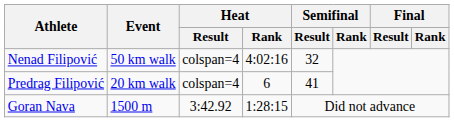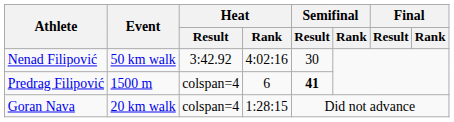 <table class=wikitable style="font-size:90%">
 <tr>
 <th rowspan="2">Athlete</th>
 <th rowspan="2">Event</th>
 <th colspan="2">Heat</th>
 <th colspan="2">Semifinal</th>
 <th colspan="2">Final</th>
 </tr>
 <tr style="font-size:95%">
 <th>Result</th>
 <th>Rank</th>
 <th>Result</th>
 <th>Rank</th>
 <th>Result</th>
 <th>Rank</th>
 </tr>
 <tr align=center>
 <td align=left><a href='#'>Nenad Filipović</a></td>
 <td align=left><a href='#'>50 km walk</a></td>
-<td>colspan=4 </td>
+<td>3:42.92</td>
 <td>4:02:16</td>
-<td>32</td>
+<td>30</td>
 </tr>
 <tr align=center>
 <td align=left><a href='#'>Predrag Filipović</a></td>
-<td align=left><a href='#'>20 km walk</a></td>
+<td align=left><a href='#'>1500 m</a></td>
 <td>colspan=4 </td>
 <td>6</td>
-<td>41</td>
+<td><strong>41</strong></td>
 </tr>
 <tr align=center>
 <td align=left><a href='#'>Goran Nava</a></td>
-<td align=left><a href='#'>1500 m</a></td>
-<td>3:42.92</td>
+<td align=left><a href='#'>20 km walk</a></td>
+<td>colspan=4 </td>
 <td>1:28:15</td>
 <td colspan=4>Did not advance</td>
 </tr>
 </table>
